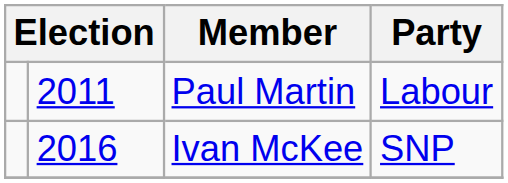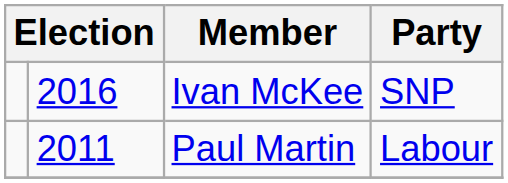 <table class="wikitable">
 <tr>
 <th colspan="2">Election</th>
 <th>Member</th>
 <th>Party</th>
 </tr>
 <tr>
 <td style="background-color: "></td>
+<td><a href='#'>2016</a></td>
+<td><a href='#'>Ivan McKee</a></td>
+<td><a href='#'>SNP</a></td>
+</tr>
+<tr>
+<td style="background-color: "></td>
 <td><a href='#'>2011</a></td>
 <td><a href='#'>Paul Martin</a></td>
 <td><a href='#'>Labour</a></td>
 </tr>
 <tr>
-<td style="background-color: "></td>
-<td><a href='#'>2016</a></td>
-<td><a href='#'>Ivan McKee</a></td>
-<td><a href='#'>SNP</a></td>
-</tr>
-<tr>
 </tr>
 </table>
